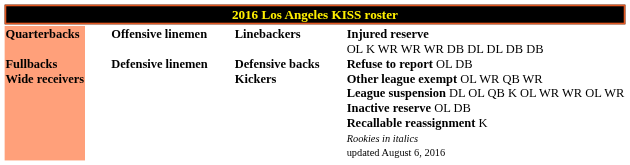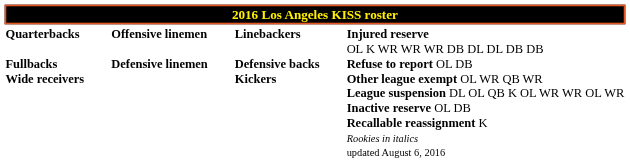 <table class="toccolours" style="text-align: left;">
 <tr>
 <th colspan=7 style="background:black; border: 2px solid #E25822; color:#FFEF00; text-align:center;"><strong>2016 Los Angeles KISS roster</strong></th>
 </tr>
 <tr>
-<td style="background: lightsalmon; font-size: 95%;vertical-align:top;"><strong>Quarterbacks</strong><br> <br><strong>Fullbacks</strong> <br><strong>Wide receivers</strong>         </td>
+<td style="font-size: 95%;vertical-align:top;"><strong>Quarterbacks</strong><br> <br><strong>Fullbacks</strong> <br><strong>Wide receivers</strong>         </td>
 <td style="width: 25px;"></td>
 <td style="font-size: 95%;vertical-align:top;"><strong>Offensive linemen</strong><br>   <br><strong>Defensive linemen</strong>     </td>
 <td style="width: 25px;"></td>
 <td style="font-size: 95%;vertical-align:top;"><strong>Linebackers</strong><br><br><strong>Defensive backs</strong>     <br><strong>Kickers</strong>  </td>
 <td style="width: 25px;"></td>
 <td style="font-size: 95%;vertical-align:top;"><strong>Injured reserve</strong><br> OL  K  WR  WR  WR  DB  DL  DL  DB  DB<br><strong>Refuse to report</strong>  OL  DB<br><strong>Other league exempt</strong>  OL  WR  QB  WR<br><strong>League suspension</strong>  DL  OL  QB  K  OL  WR  WR  OL  WR<br><strong>Inactive reserve</strong>  OL  DB<br><strong>Recallable reassignment</strong>  K<br><small><em>Rookies in italics</em><br><span></span> updated August 6, 2016</small><br> </td>
 </tr>
 <tr>
 </tr>
 </table>
